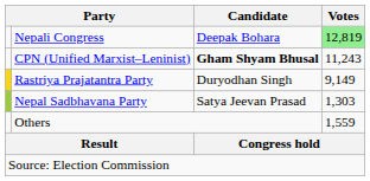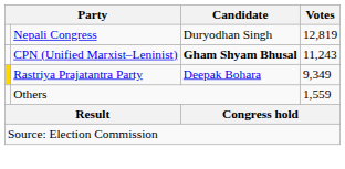 <table class="wikitable">
 <tr>
 <th colspan="2">Party</th>
 <th>Candidate</th>
 <th>Votes</th>
 </tr>
 <tr>
 <td style="background-color:"></td>
 <td><a href='#'>Nepali Congress</a></td>
-<td><a href='#'>Deepak Bohara</a></td>
-<td style="background: lightgreen;">12,819</td>
+<td>Duryodhan Singh</td>
+<td>12,819</td>
 </tr>
 <tr>
 <td style="background-color:"></td>
 <td><a href='#'>CPN (Unified Marxist–Leninist)</a></td>
 <td><strong>Gham Shyam Bhusal</strong></td>
 <td>11,243</td>
 </tr>
 <tr>
 <td style="background-color:gold"></td>
 <td><a href='#'>Rastriya Prajatantra Party</a></td>
-<td>Duryodhan Singh</td>
-<td>9,149</td>
-</tr>
-<tr>
-<td style="background-color:yellowgreen"></td>
-<td><a href='#'>Nepal Sadbhavana Party</a></td>
-<td>Satya Jeevan Prasad</td>
-<td>1,303</td>
+<td><a href='#'>Deepak Bohara</a></td>
+<td>9,349</td>
 </tr>
 <tr>
 <td></td>
 <td colspan="2">Others</td>
 <td>1,559</td>
 </tr>
 <tr>
 <th colspan="2">Result</th>
 <th colspan="2">Congress hold</th>
 </tr>
 <tr>
 <td colspan="4">Source: Election Commission</td>
 </tr>
 </table>
